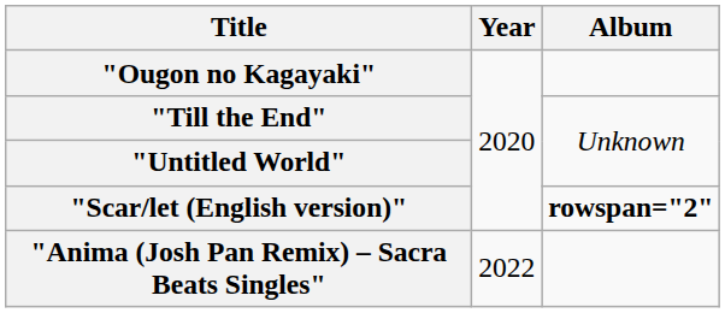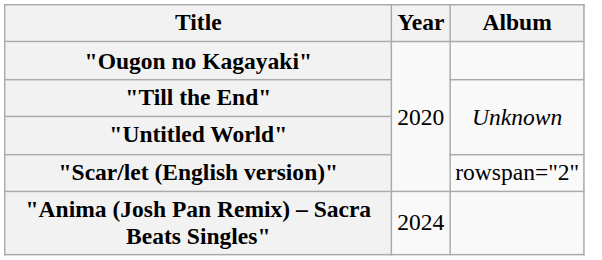 <table class="wikitable plainrowheaders" style="text-align:center;">
 <tr>
 <th scope="col" rowspan="1" style="width:16em;">Title</th>
 <th scope="col" rowspan="1">Year</th>
 <th scope="col" rowspan="1">Album</th>
 </tr>
 <tr>
 <th scope="row">"Ougon no Kagayaki"</th>
 <td rowspan="4">2020</td>
 <td></td>
 </tr>
 <tr>
 <th scope="row">"Till the End"</th>
 <td rowspan="2"><em>Unknown</em></td>
 </tr>
 <tr>
 <th scope="row">"Untitled World"</th>
 </tr>
 <tr>
 <th scope="row">"Scar/let (English version)"</th>
-<td><strong>rowspan="2" </strong></td>
+<td>rowspan="2" </td>
 </tr>
 <tr>
 <th scope="row">"Anima (Josh Pan Remix) – Sacra Beats Singles"</th>
-<td rowspan="1">2022</td>
+<td rowspan="1">2024</td>
 </tr>
 </table>
